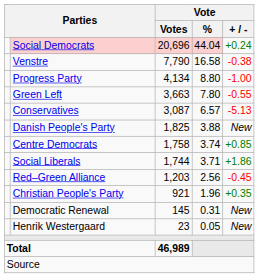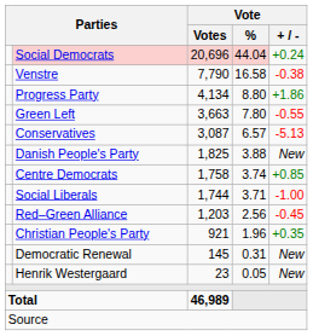 <table class="wikitable" style="text-align:right;">
 <tr>
 <th style="text-align:centre;" rowspan="2" colspan="2" width="225">Parties</th>
 <th colspan="3">Vote</th>
 </tr>
 <tr>
 <th width="15">Votes</th>
 <th width="15">%</th>
 <th width="15">+ / -</th>
 </tr>
 <tr>
 <td width="2" style="color:inherit;background:"></td>
 <td bgcolor=#fbd0ce  align="left"><a href='#'>Social Democrats</a></td>
 <td bgcolor=#fbd0ce>20,696</td>
 <td bgcolor=#fbd0ce>44.04</td>
 <td style=color:green;>+0.24</td>
 </tr>
 <tr>
 <td width="2" style="color:inherit;background:"></td>
 <td align="left"><a href='#'>Venstre</a></td>
 <td>7,790</td>
 <td>16.58</td>
 <td style=color:red;>-0.38</td>
 </tr>
 <tr>
 <td width="2" style="color:inherit;background:"></td>
 <td align="left"><a href='#'>Progress Party</a></td>
 <td>4,134</td>
 <td>8.80</td>
-<td style=color:red;>-1.00</td>
+<td style=color:green;>+1.86</td>
 </tr>
 <tr>
 <td width="2" style="color:inherit;background:"></td>
 <td align="left"><a href='#'>Green Left</a></td>
 <td>3,663</td>
 <td>7.80</td>
 <td style=color:red;>-0.55</td>
 </tr>
 <tr>
 <td width="2" style="color:inherit;background:"></td>
 <td align="left"><a href='#'>Conservatives</a></td>
 <td>3,087</td>
 <td>6.57</td>
 <td style=color:red;>-5.13</td>
 </tr>
 <tr>
 <td width="2" style="color:inherit;background:"></td>
 <td align="left"><a href='#'>Danish People's Party</a></td>
 <td>1,825</td>
 <td>3.88</td>
 <td><em>New</em></td>
 </tr>
 <tr>
 <td width="2" style="color:inherit;background:"></td>
 <td align="left"><a href='#'>Centre Democrats</a></td>
 <td>1,758</td>
 <td>3.74</td>
 <td style=color:green;>+0.85</td>
 </tr>
 <tr>
 <td width="2" style="color:inherit;background:"></td>
 <td align="left"><a href='#'>Social Liberals</a></td>
 <td>1,744</td>
 <td>3.71</td>
-<td style=color:green;>+1.86</td>
+<td style=color:red;>-1.00</td>
 </tr>
 <tr>
 <td width="2" style="color:inherit;background:"></td>
 <td align="left"><a href='#'>Red–Green Alliance</a></td>
 <td>1,203</td>
 <td>2.56</td>
 <td style=color:red;>-0.45</td>
 </tr>
 <tr>
 <td width="2" style="color:inherit;background:"></td>
 <td align="left"><a href='#'>Christian People's Party</a></td>
 <td>921</td>
 <td>1.96</td>
 <td style=color:green;>+0.35</td>
 </tr>
 <tr>
 <td width="2" style="color:inherit;background:"></td>
 <td align="left">Democratic Renewal</td>
 <td>145</td>
 <td>0.31</td>
 <td><em>New</em></td>
 </tr>
 <tr>
 <td width="2" style="color:inherit;background:"></td>
 <td align="left">Henrik Westergaard</td>
 <td>23</td>
 <td>0.05</td>
 <td><em>New</em></td>
 </tr>
 <tr>
 <td colspan="7" bgcolor="#E9E9E9"></td>
 </tr>
 <tr>
 <td align="left" colspan="2"><strong>Total</strong></td>
 <td><strong>46,989</strong></td>
 <td bgcolor="#E9E9E9" colspan="2"></td>
 </tr>
 <tr>
 <td align="left" colspan="6">Source</td>
 </tr>
 </table>
